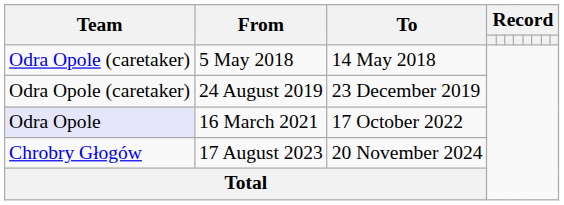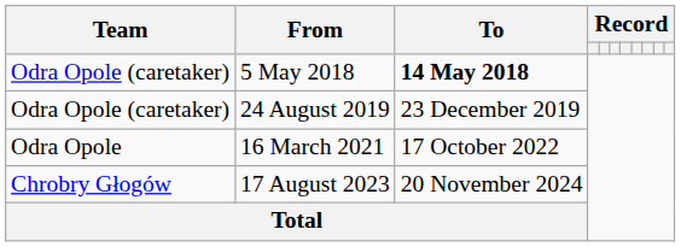 <table class="wikitable" style="text-align: center;">
 <tr>
 <th rowspan="2">Team</th>
 <th rowspan="2">From</th>
 <th rowspan="2">To</th>
 <th colspan="8">Record</th>
 </tr>
 <tr>
 <th></th>
 <th></th>
 <th></th>
 <th></th>
 <th></th>
 <th></th>
 <th></th>
 <th></th>
 </tr>
 <tr>
 <td align=left><a href='#'>Odra Opole</a> (caretaker)</td>
 <td align=left>5 May 2018</td>
-<td align=left>14 May 2018<br></td>
+<td align=left><strong>14 May 2018<br></strong></td>
 </tr>
 <tr>
 <td align=left>Odra Opole (caretaker)</td>
 <td align=left>24 August 2019</td>
 <td align=left>23 December 2019<br></td>
 </tr>
 <tr>
-<td align=left style="background: lavender;">Odra Opole</td>
+<td align=left>Odra Opole</td>
 <td align=left>16 March 2021</td>
 <td align=left>17 October 2022<br></td>
 </tr>
 <tr>
 <td align=left><a href='#'>Chrobry Głogów</a></td>
 <td align=left>17 August 2023</td>
 <td align=left>20 November 2024<br></td>
 </tr>
 <tr>
 <th colspan="3">Total<br></th>
 </tr>
 </table>
